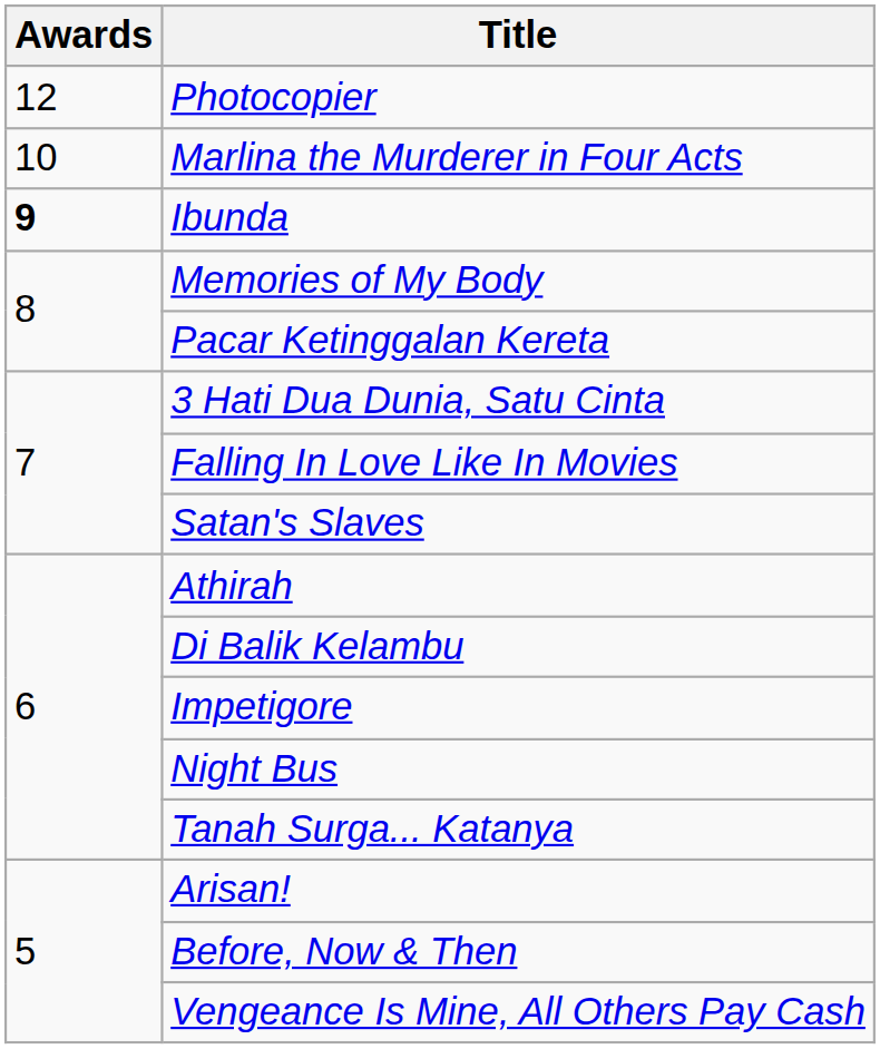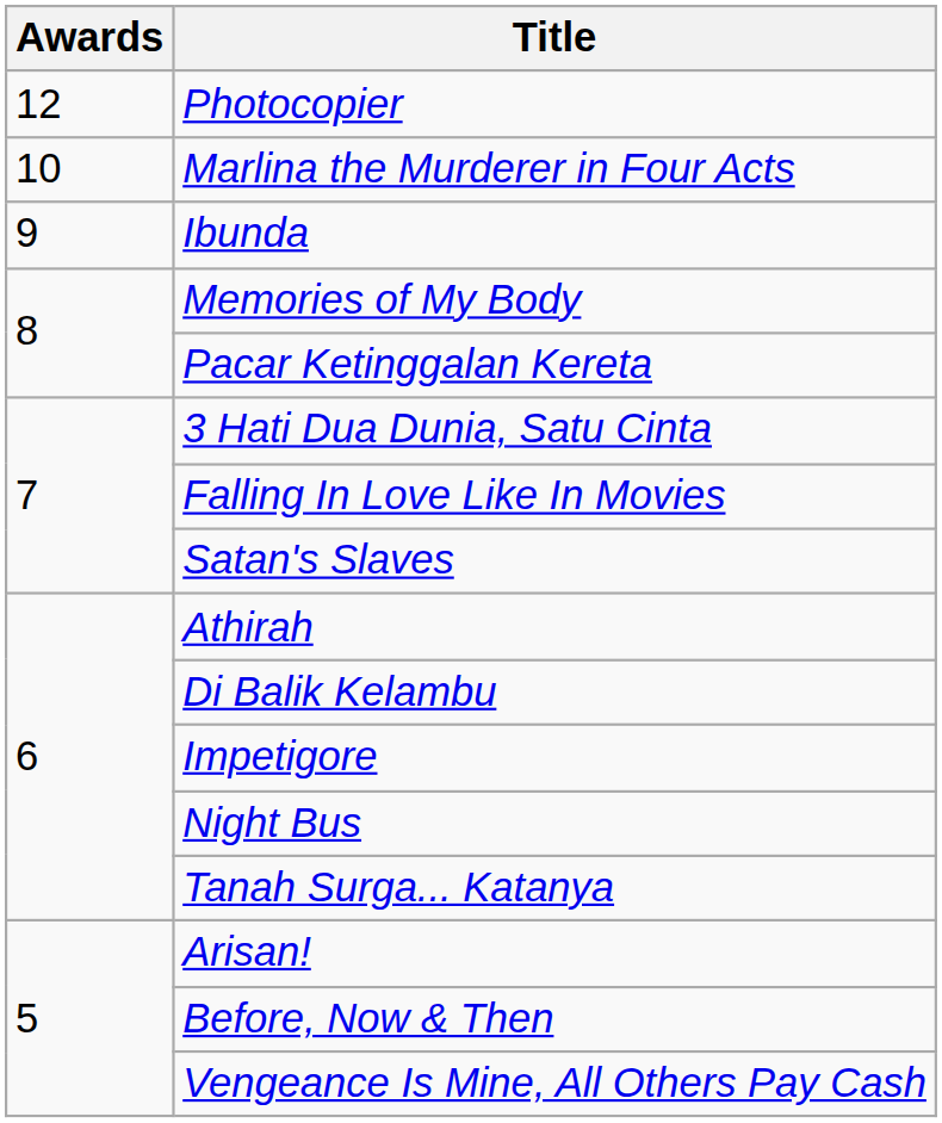 <table class="wikitable">
 <tr>
 <th>Awards</th>
 <th>Title</th>
 </tr>
 <tr>
 <td>12</td>
 <td><em><a href='#'>Photocopier</a></em></td>
 </tr>
 <tr>
 <td>10</td>
 <td><em><a href='#'>Marlina the Murderer in Four Acts</a></em></td>
 </tr>
 <tr>
-<td><strong>9</strong></td>
+<td>9</td>
 <td><em><a href='#'>Ibunda</a></em></td>
 </tr>
 <tr>
 <td rowspan="2">8</td>
 <td><em><a href='#'>Memories of My Body</a></em></td>
 </tr>
 <tr>
 <td><em><a href='#'>Pacar Ketinggalan Kereta</a></em></td>
 </tr>
 <tr>
 <td rowspan="3">7</td>
 <td><em><a href='#'>3 Hati Dua Dunia, Satu Cinta</a></em></td>
 </tr>
 <tr>
 <td><em><a href='#'>Falling In Love Like In Movies</a></em></td>
 </tr>
 <tr>
 <td><em><a href='#'>Satan's Slaves</a></em></td>
 </tr>
 <tr>
 <td rowspan="5">6</td>
 <td><em><a href='#'>Athirah</a></em></td>
 </tr>
 <tr>
 <td><em><a href='#'>Di Balik Kelambu</a></em></td>
 </tr>
 <tr>
 <td><em><a href='#'>Impetigore</a></em></td>
 </tr>
 <tr>
 <td><em><a href='#'>Night Bus</a></em></td>
 </tr>
 <tr>
 <td><em><a href='#'>Tanah Surga... Katanya</a></em></td>
 </tr>
 <tr>
 <td rowspan="3">5</td>
 <td><em><a href='#'>Arisan!</a></em></td>
 </tr>
 <tr>
 <td><em><a href='#'>Before, Now & Then</a></em></td>
 </tr>
 <tr>
 <td><em><a href='#'>Vengeance Is Mine, All Others Pay Cash</a></em></td>
 </tr>
 </table>
